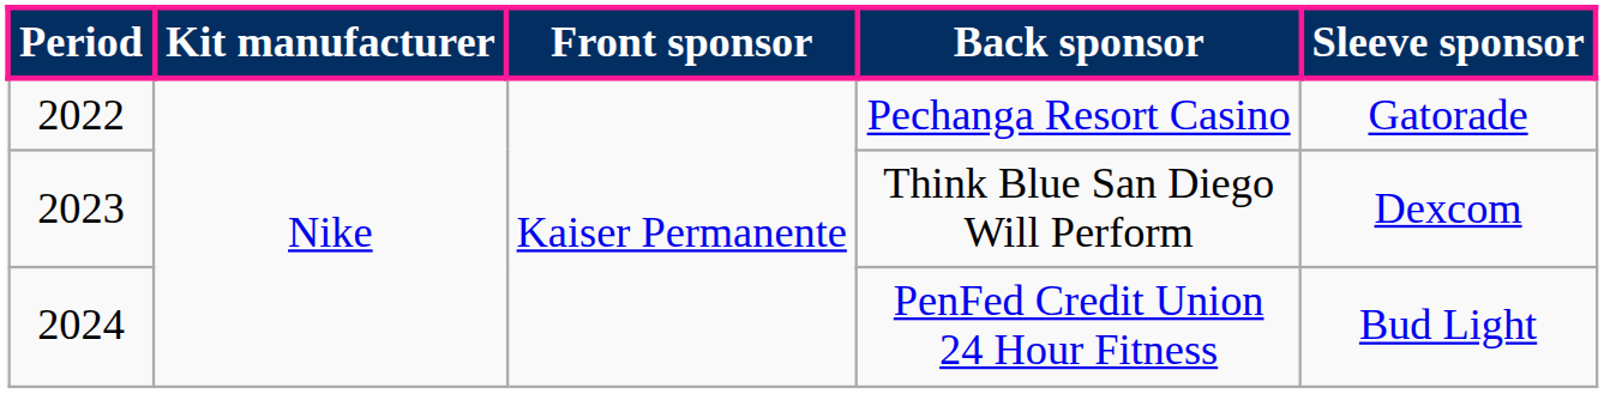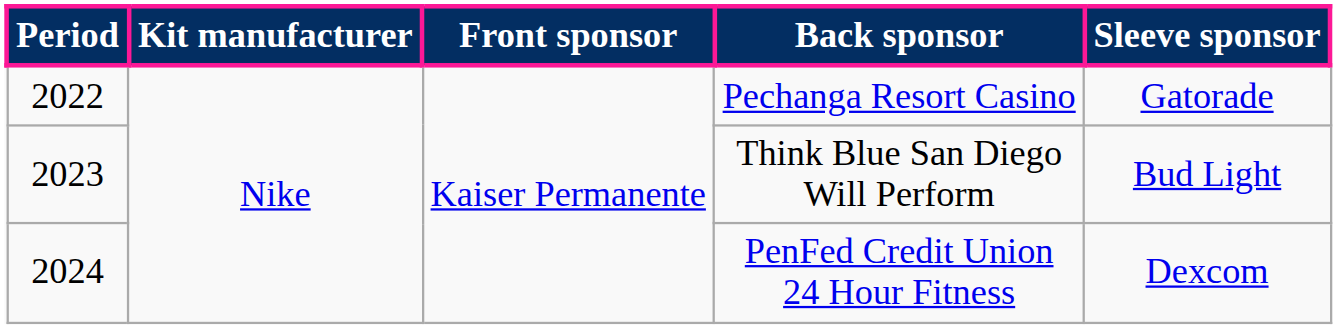 <table class="wikitable" style="text-align:center;margin-left:1em;float:center">
 <tr>
 <th style="background:#032E62; color:white; border:2px solid #FC1896;">Period</th>
 <th style="background:#032E62; color:white; border:2px solid #FC1896;">Kit manufacturer</th>
 <th style="background:#032E62; color:white; border:2px solid #FC1896;">Front sponsor</th>
 <th style="background:#032E62; color:white; border:2px solid #FC1896;">Back sponsor</th>
 <th style="background:#032E62; color:white; border:2px solid #FC1896;">Sleeve sponsor</th>
 </tr>
 <tr>
 <td>2022</td>
 <td rowspan="3"><a href='#'>Nike</a></td>
 <td rowspan="3"><a href='#'>Kaiser Permanente</a></td>
 <td><a href='#'>Pechanga Resort Casino</a></td>
 <td><a href='#'>Gatorade</a></td>
 </tr>
 <tr>
 <td>2023</td>
 <td>Think Blue San Diego<br>Will Perform</td>
-<td><a href='#'>Dexcom</a></td>
+<td><a href='#'>Bud Light</a></td>
 </tr>
 <tr>
 <td>2024</td>
 <td><a href='#'>PenFed Credit Union</a><br><a href='#'>24 Hour Fitness</a></td>
-<td><a href='#'>Bud Light</a></td>
+<td><a href='#'>Dexcom</a></td>
 </tr>
 </table>
